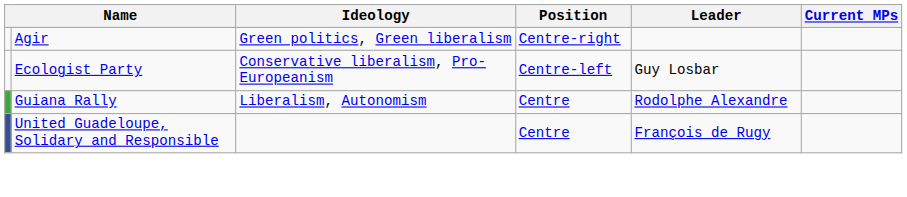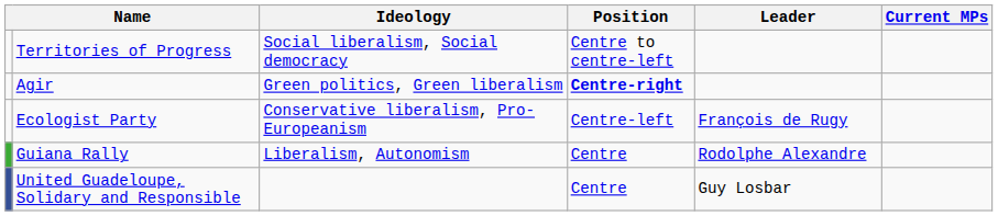 <table class="wikitable">
 <tr>
 <th colspan=2>Name</th>
 <th>Ideology</th>
 <th>Position</th>
 <th>Leader</th>
 <th><a href='#'>Current MPs</a></th>
 </tr>
 <tr>
 <td style="background:"></td>
+<td style="width:200px"><a href='#'>Territories of Progress</a></td>
+<td style="width:250px"><a href='#'>Social liberalism</a>, <a href='#'>Social democracy</a></td>
+<td style="width:100px"><a href='#'>Centre</a> to <a href='#'>centre-left</a></td>
+<td style="width:150px"></td>
+<td></td>
+</tr>
+<tr>
+<td style="background:"></td>
 <td style="width:200px"><a href='#'>Agir</a></td>
 <td style="width:250px"><a href='#'>Green politics</a>, <a href='#'>Green liberalism</a></td>
-<td style="width:100px"><a href='#'>Centre-right</a></td>
+<td style="width:100px"><strong><a href='#'>Centre-right</a></strong></td>
 <td style="width:150px"></td>
 <td></td>
 </tr>
 <tr>
 <td style="background:"></td>
 <td style="width:200px"><a href='#'>Ecologist Party</a></td>
 <td style="width:250px"><a href='#'>Conservative liberalism</a>, <a href='#'>Pro-Europeanism</a></td>
 <td style="width:100px"><a href='#'>Centre-left</a></td>
-<td style="width:150px">Guy Losbar</td>
+<td style="width:150px"><a href='#'>François de Rugy</a></td>
 <td></td>
 </tr>
 <tr>
 <td style="background:#3BAA35"></td>
 <td style="width:200px"><a href='#'>Guiana Rally</a></td>
 <td style="width:250px"><a href='#'>Liberalism</a>, <a href='#'>Autonomism</a></td>
 <td style="width:100px"><a href='#'>Centre</a></td>
 <td style="width:150px"><a href='#'>Rodolphe Alexandre</a></td>
 <td></td>
 </tr>
 <tr>
 <td style="background:#344F95"></td>
 <td style="width:200px"><a href='#'>United Guadeloupe, Solidary and Responsible</a></td>
 <td style="width:250px"></td>
 <td style="width:100px"><a href='#'>Centre</a></td>
-<td style="width:150px"><a href='#'>François de Rugy</a></td>
+<td style="width:150px">Guy Losbar</td>
 <td></td>
 </tr>
 </table>
